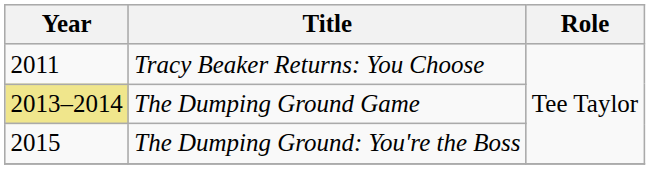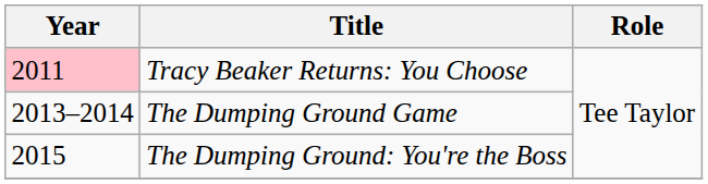 <table class="wikitable">
 <tr>
 <th>Year</th>
 <th>Title</th>
 <th>Role</th>
 </tr>
 <tr>
-<td>2011</td>
+<td style="background: pink;">2011</td>
 <td><em>Tracy Beaker Returns: You Choose</em></td>
 <td rowspan="3">Tee Taylor</td>
 </tr>
 <tr>
-<td style="background: khaki;">2013–2014</td>
+<td>2013–2014</td>
 <td><em>The Dumping Ground Game</em></td>
 </tr>
 <tr>
 <td>2015</td>
 <td><em>The Dumping Ground: You're the Boss</em></td>
 </tr>
 <tr>
 </tr>
 </table>
